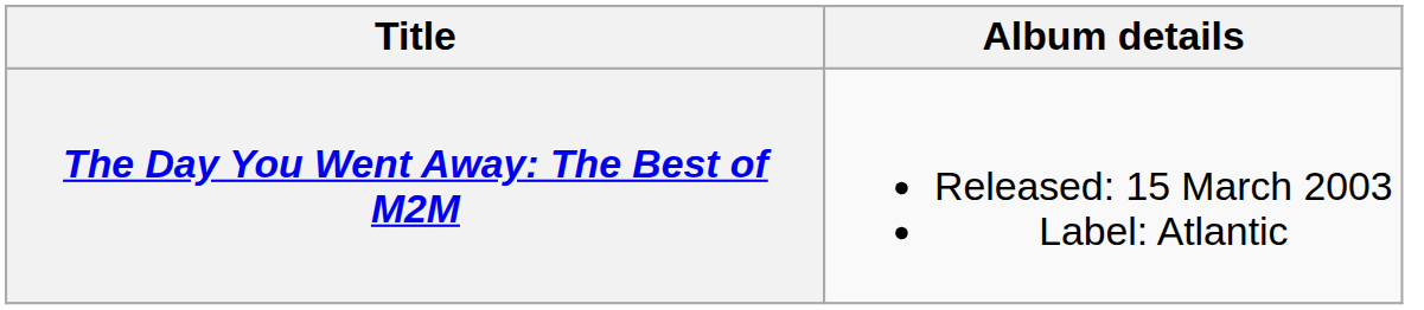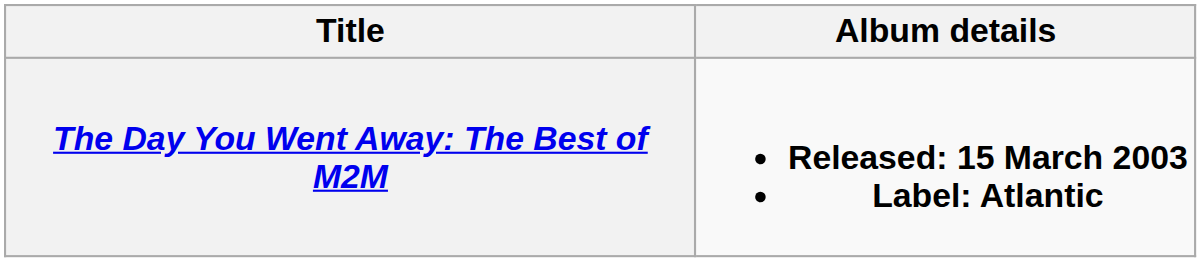 <table class="wikitable plainrowheaders" style="text-align:center;">
 <tr>
 <th scope="col" style="width:20em;">Title</th>
 <th scope="col">Album details</th>
 </tr>
 <tr>
 <th scope="row"><em><a href='#'>The Day You Went Away: The Best of M2M</a></em></th>
-<td><br><ul><li>Released: 15 March 2003</li><li>Label: Atlantic</li></ul></td>
+<td><strong><br><ul><li>Released: 15 March 2003</li><li>Label: Atlantic</li></ul></strong></td>
 </tr>
 </table>
